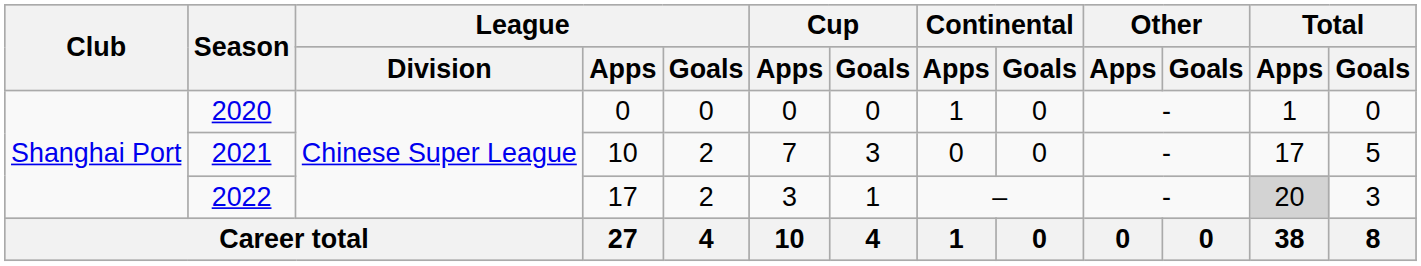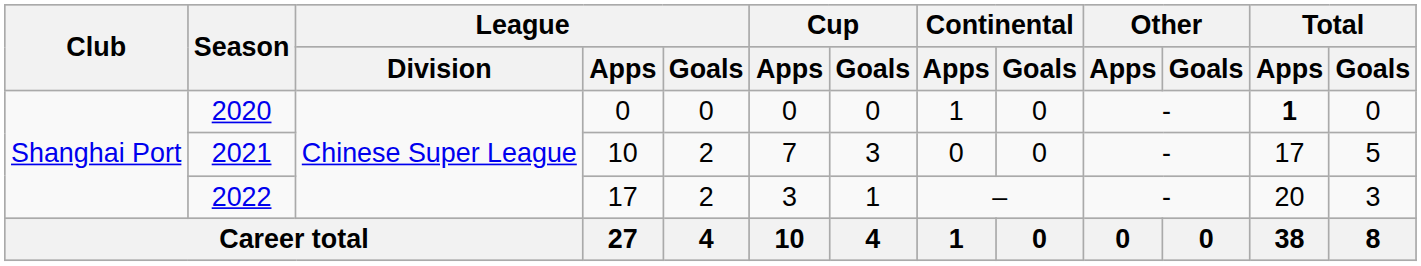 <table class="wikitable" style="text-align: center">
 <tr>
 <th rowspan="2">Club</th>
 <th rowspan="2">Season</th>
 <th colspan="3">League</th>
 <th colspan="2">Cup</th>
 <th colspan="2">Continental</th>
 <th colspan="2">Other</th>
 <th colspan="2">Total</th>
 </tr>
 <tr>
 <th>Division</th>
 <th>Apps</th>
 <th>Goals</th>
 <th>Apps</th>
 <th>Goals</th>
 <th>Apps</th>
 <th>Goals</th>
 <th>Apps</th>
 <th>Goals</th>
 <th>Apps</th>
 <th>Goals</th>
 </tr>
 <tr>
 <td rowspan="3"><a href='#'>Shanghai Port</a></td>
 <td><a href='#'>2020</a></td>
 <td rowspan="3"><a href='#'>Chinese Super League</a></td>
 <td>0</td>
 <td>0</td>
 <td>0</td>
 <td>0</td>
 <td>1</td>
 <td>0</td>
 <td colspan="2">-</td>
-<td>1</td>
+<td><strong>1</strong></td>
 <td>0</td>
 </tr>
 <tr>
 <td><a href='#'>2021</a></td>
 <td>10</td>
 <td>2</td>
 <td>7</td>
 <td>3</td>
 <td>0</td>
 <td>0</td>
 <td colspan="2">-</td>
 <td>17</td>
 <td>5</td>
 </tr>
 <tr>
 <td><a href='#'>2022</a></td>
 <td>17</td>
 <td>2</td>
 <td>3</td>
 <td>1</td>
 <td colspan="2">–</td>
 <td colspan="2">-</td>
-<td style="background: lightgrey;">20</td>
+<td>20</td>
 <td>3</td>
 </tr>
 <tr>
 <th colspan=3>Career total</th>
 <th>27</th>
 <th>4</th>
 <th>10</th>
 <th>4</th>
 <th>1</th>
 <th>0</th>
 <th>0</th>
 <th>0</th>
 <th>38</th>
 <th>8</th>
 </tr>
 </table>
